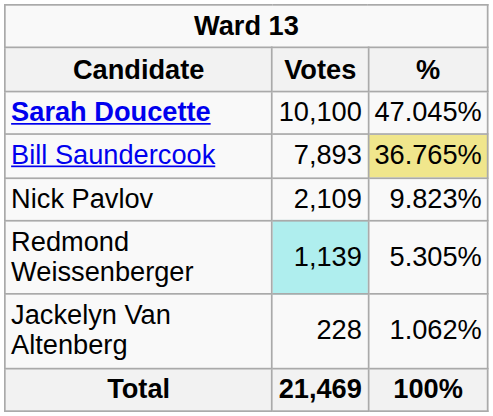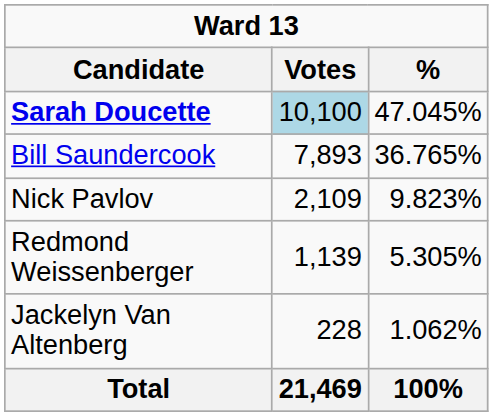 <table class="wikitable">
 <tr>
 <td Colspan="3" align="center"><strong>Ward 13</strong></td>
 </tr>
 <tr>
 <th bgcolor="#DDDDFF" width="150px">Candidate</th>
 <th bgcolor="#DDDDFF">Votes</th>
 <th bgcolor="#DDDDFF">%</th>
 </tr>
 <tr>
 <td><strong><a href='#'>Sarah Doucette</a></strong></td>
-<td align=right>10,100</td>
+<td align=right style="background: lightblue;">10,100</td>
 <td align=right>47.045%</td>
 </tr>
 <tr>
 <td><a href='#'>Bill Saundercook</a></td>
 <td align=right>7,893</td>
-<td align=right style="background: khaki;">36.765%</td>
+<td align=right>36.765%</td>
 </tr>
 <tr>
 <td>Nick Pavlov</td>
 <td align=right>2,109</td>
 <td align=right>9.823%</td>
 </tr>
 <tr>
 <td>Redmond Weissenberger</td>
-<td align=right style="background: paleturquoise;">1,139</td>
+<td align=right>1,139</td>
 <td align=right>5.305%</td>
 </tr>
 <tr>
 <td>Jackelyn Van Altenberg</td>
 <td align=right>228</td>
 <td align=right>1.062%</td>
 </tr>
 <tr>
 <th>Total</th>
 <th align=right>21,469</th>
 <th align=right>100%</th>
 </tr>
 </table>
